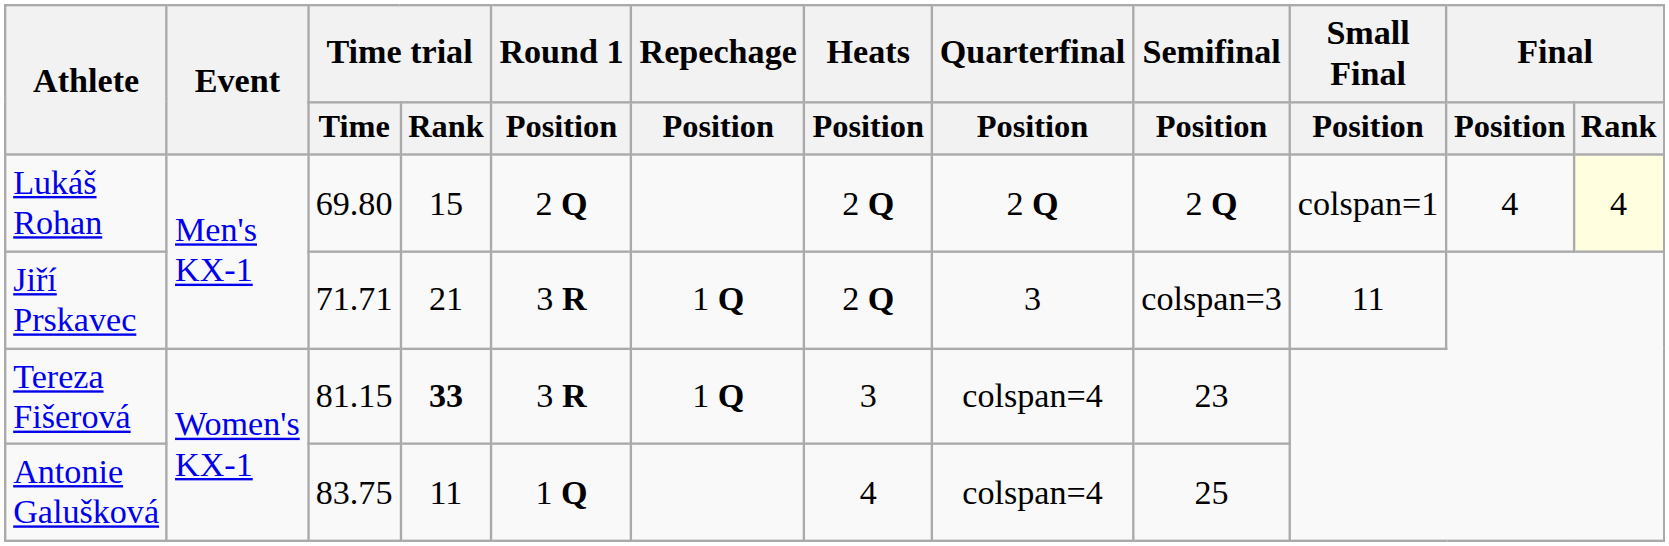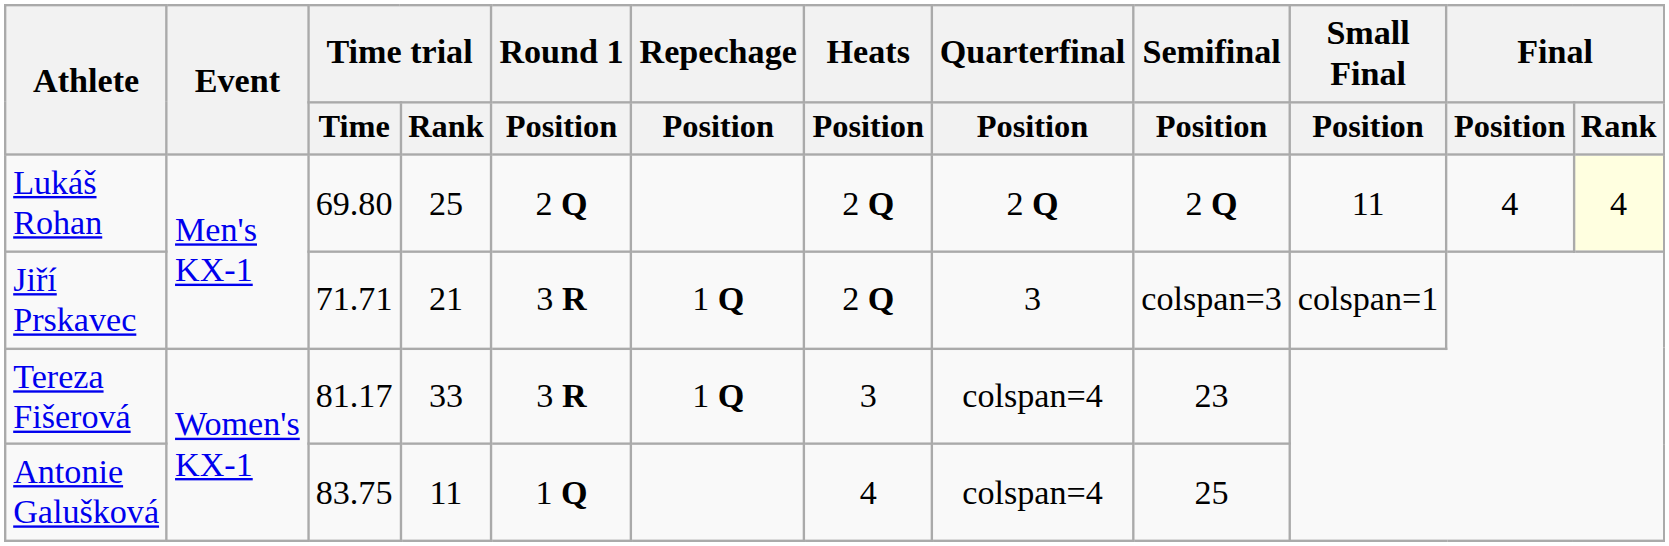 <table class="wikitable" style="font-size:90%">
 <tr>
 <th rowspan="2">Athlete</th>
 <th rowspan="2">Event</th>
 <th colspan="2">Time trial</th>
 <th>Round 1</th>
 <th>Repechage</th>
 <th>Heats</th>
 <th>Quarterfinal</th>
 <th>Semifinal</th>
 <th colspan=1>Small Final</th>
 <th colspan=2>Final</th>
 </tr>
 <tr style="font-size:95%">
 <th>Time</th>
 <th>Rank</th>
 <th>Position</th>
 <th>Position</th>
 <th>Position</th>
 <th>Position</th>
 <th>Position</th>
 <th>Position</th>
 <th>Position</th>
 <th>Rank</th>
 </tr>
 <tr align=center>
 <td align=left><a href='#'>Lukáš Rohan</a></td>
 <td align=left rowspan=2><a href='#'>Men's KX-1</a></td>
 <td>69.80</td>
-<td>15</td>
+<td>25</td>
 <td>2 <strong>Q</strong></td>
 <td></td>
 <td>2 <strong>Q</strong></td>
 <td>2 <strong>Q</strong></td>
 <td>2 <strong>Q</strong></td>
-<td>colspan=1</td>
+<td>11</td>
 <td>4</td>
 <td style="background: lightyellow;">4</td>
 </tr>
 <tr align=center>
 <td align=left><a href='#'>Jiří Prskavec</a></td>
 <td>71.71</td>
 <td>21</td>
 <td>3 <strong>R</strong></td>
 <td>1 <strong>Q</strong></td>
 <td>2 <strong>Q</strong></td>
 <td>3</td>
 <td>colspan=3 </td>
-<td>11</td>
+<td>colspan=1</td>
 </tr>
 <tr align=center>
 <td align=left><a href='#'>Tereza Fišerová</a></td>
 <td align=left rowspan=2><a href='#'>Women's KX-1</a></td>
-<td>81.15</td>
-<td><strong>33</strong></td>
+<td>81.17</td>
+<td>33</td>
 <td>3 <strong>R</strong></td>
 <td>1 <strong>Q</strong></td>
 <td>3</td>
 <td>colspan=4 </td>
 <td>23</td>
 </tr>
 <tr align=center>
 <td align=left><a href='#'>Antonie Galušková</a></td>
 <td>83.75</td>
 <td>11</td>
 <td>1 <strong>Q</strong></td>
 <td></td>
 <td>4</td>
 <td>colspan=4 </td>
 <td>25</td>
 </tr>
 </table>
